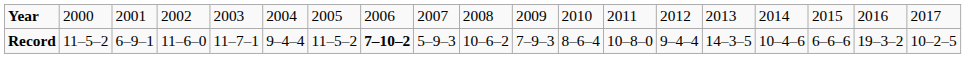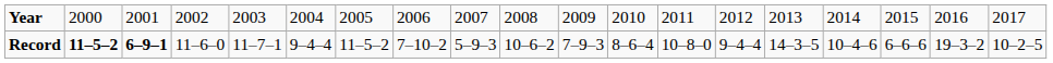 <table class="wikitable">
 <tr>
 <td><strong>Year</strong></td>
 <td>2000</td>
 <td>2001</td>
 <td>2002</td>
 <td>2003</td>
 <td>2004</td>
 <td>2005</td>
 <td>2006</td>
 <td>2007</td>
 <td>2008</td>
 <td>2009</td>
 <td>2010</td>
 <td>2011</td>
 <td>2012</td>
 <td>2013</td>
 <td>2014</td>
 <td>2015</td>
 <td>2016</td>
 <td>2017</td>
 </tr>
 <tr>
 <td><strong>Record</strong></td>
-<td>11–5–2</td>
-<td>6–9–1</td>
+<td><strong>11–5–2</strong></td>
+<td><strong>6–9–1</strong></td>
 <td>11–6–0</td>
 <td>11–7–1</td>
 <td>9–4–4</td>
 <td>11–5–2</td>
-<td><strong>7–10–2</strong></td>
+<td>7–10–2</td>
 <td>5–9–3</td>
 <td>10–6–2</td>
 <td>7–9–3</td>
 <td>8–6–4</td>
 <td>10–8–0</td>
 <td>9–4–4</td>
 <td>14–3–5</td>
 <td>10–4–6</td>
 <td>6–6–6</td>
 <td>19–3–2</td>
 <td>10–2–5</td>
 </tr>
 </table>
